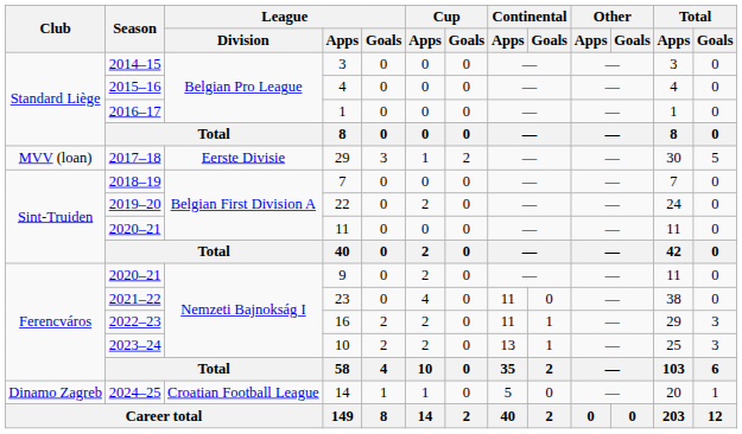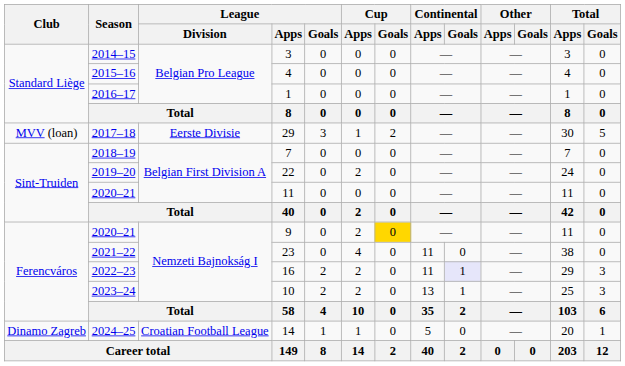 <table class="wikitable" style="text-align:center">
 <tr>
 <th rowspan="2">Club</th>
 <th rowspan="2">Season</th>
 <th colspan="3">League</th>
 <th colspan="2">Cup</th>
 <th colspan="2">Continental</th>
 <th colspan="2">Other</th>
 <th colspan="2">Total</th>
 </tr>
 <tr>
 <th>Division</th>
 <th>Apps</th>
 <th>Goals</th>
 <th>Apps</th>
 <th>Goals</th>
 <th>Apps</th>
 <th>Goals</th>
 <th>Apps</th>
 <th>Goals</th>
 <th>Apps</th>
 <th>Goals</th>
 </tr>
 <tr>
 <td rowspan="4"><a href='#'>Standard Liège</a></td>
 <td><a href='#'>2014–15</a></td>
 <td rowspan="3"><a href='#'>Belgian Pro League</a></td>
 <td>3</td>
 <td>0</td>
 <td>0</td>
 <td>0</td>
 <td colspan="2">—</td>
 <td colspan="2">—</td>
 <td>3</td>
 <td>0</td>
 </tr>
 <tr>
 <td><a href='#'>2015–16</a></td>
 <td>4</td>
 <td>0</td>
 <td>0</td>
 <td>0</td>
 <td colspan="2">—</td>
 <td colspan="2">—</td>
 <td>4</td>
 <td>0</td>
 </tr>
 <tr>
 <td><a href='#'>2016–17</a></td>
 <td>1</td>
 <td>0</td>
 <td>0</td>
 <td>0</td>
 <td colspan="2">—</td>
 <td colspan="2">—</td>
 <td>1</td>
 <td>0</td>
 </tr>
 <tr>
 <th colspan="2">Total</th>
 <th>8</th>
 <th>0</th>
 <th>0</th>
 <th>0</th>
 <th colspan="2">—</th>
 <th colspan="2">—</th>
 <th>8</th>
 <th>0</th>
 </tr>
 <tr>
 <td><a href='#'>MVV</a> (loan)</td>
 <td><a href='#'>2017–18</a></td>
 <td><a href='#'>Eerste Divisie</a></td>
 <td>29</td>
 <td>3</td>
 <td>1</td>
 <td>2</td>
 <td colspan="2">—</td>
 <td colspan="2">—</td>
 <td>30</td>
 <td>5</td>
 </tr>
 <tr>
 <td rowspan="4"><a href='#'>Sint-Truiden</a></td>
 <td><a href='#'>2018–19</a></td>
 <td rowspan="3"><a href='#'>Belgian First Division A</a></td>
 <td>7</td>
 <td>0</td>
 <td>0</td>
 <td>0</td>
 <td colspan="2">—</td>
 <td colspan="2">—</td>
 <td>7</td>
 <td>0</td>
 </tr>
 <tr>
 <td><a href='#'>2019–20</a></td>
 <td>22</td>
 <td>0</td>
 <td>2</td>
 <td>0</td>
 <td colspan="2">—</td>
 <td colspan="2">—</td>
 <td>24</td>
 <td>0</td>
 </tr>
 <tr>
 <td><a href='#'>2020–21</a></td>
 <td>11</td>
 <td>0</td>
 <td>0</td>
 <td>0</td>
 <td colspan="2">—</td>
 <td colspan="2">—</td>
 <td>11</td>
 <td>0</td>
 </tr>
 <tr>
 <th colspan="2">Total</th>
 <th>40</th>
 <th>0</th>
 <th>2</th>
 <th>0</th>
 <th colspan="2">—</th>
 <th colspan="2">—</th>
 <th>42</th>
 <th>0</th>
 </tr>
 <tr>
 <td rowspan="5"><a href='#'>Ferencváros</a></td>
 <td><a href='#'>2020–21</a></td>
 <td rowspan="4"><a href='#'>Nemzeti Bajnokság I</a></td>
 <td>9</td>
 <td>0</td>
 <td>2</td>
-<td>0</td>
+<td style="background: gold;">0</td>
 <td colspan="2">—</td>
 <td colspan="2">—</td>
 <td>11</td>
 <td>0</td>
 </tr>
 <tr>
 <td><a href='#'>2021–22</a></td>
 <td>23</td>
 <td>0</td>
 <td>4</td>
 <td>0</td>
 <td>11</td>
 <td>0</td>
 <td colspan="2">—</td>
 <td>38</td>
 <td>0</td>
 </tr>
 <tr>
 <td><a href='#'>2022–23</a></td>
 <td>16</td>
 <td>2</td>
 <td>2</td>
 <td>0</td>
 <td>11</td>
-<td>1</td>
+<td style="background: lavender;">1</td>
 <td colspan="2">—</td>
 <td>29</td>
 <td>3</td>
 </tr>
 <tr>
 <td><a href='#'>2023–24</a></td>
 <td>10</td>
 <td>2</td>
 <td>2</td>
 <td>0</td>
 <td>13</td>
 <td>1</td>
 <td colspan="2">—</td>
 <td>25</td>
 <td>3</td>
 </tr>
 <tr>
 <th colspan="2">Total</th>
 <th>58</th>
 <th>4</th>
 <th>10</th>
 <th>0</th>
 <th>35</th>
 <th>2</th>
 <th colspan="2">—</th>
 <th>103</th>
 <th>6</th>
 </tr>
 <tr>
 <td><a href='#'>Dinamo Zagreb</a></td>
 <td><a href='#'>2024–25</a></td>
 <td><a href='#'>Croatian Football League</a></td>
 <td>14</td>
 <td>1</td>
 <td>1</td>
 <td>0</td>
 <td>5</td>
 <td>0</td>
 <td colspan="2">—</td>
 <td>20</td>
 <td>1</td>
 </tr>
 <tr>
 <th colspan="3">Career total</th>
 <th>149</th>
 <th>8</th>
 <th>14</th>
 <th>2</th>
 <th>40</th>
 <th>2</th>
 <th>0</th>
 <th>0</th>
 <th>203</th>
 <th>12</th>
 </tr>
 </table>
